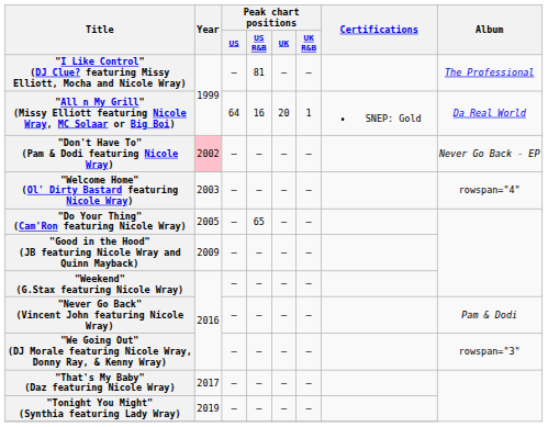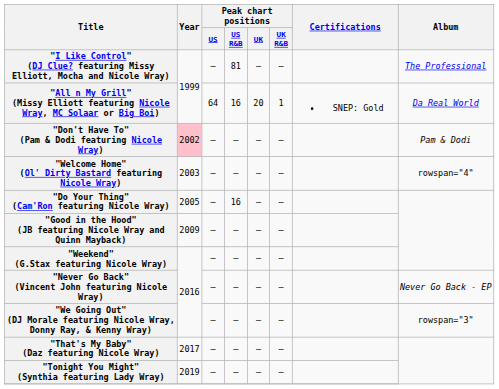 <table class="wikitable plainrowheaders" style="text-align:center;">
 <tr>
 <th scope="col" rowspan="2" style="width:20em;">Title</th>
 <th scope="col" rowspan="2">Year</th>
 <th scope="col" colspan="4">Peak chart positions</th>
 <th scope="col" rowspan="2" style="width:12em;"><a href='#'>Certifications</a></th>
 <th scope="col" rowspan="2">Album</th>
 </tr>
 <tr>
 <th style="width:2.5em; font-size:90%"><a href='#'>US</a><br></th>
 <th style="width:2.5em; font-size:90%"><a href='#'>US<br>R&B</a><br></th>
 <th style="width:2.5em; font-size:90%"><a href='#'>UK</a><br></th>
 <th style="width:2.5em; font-size:90%"><a href='#'>UK<br>R&B</a></th>
 </tr>
 <tr>
 <th scope="row">"<a href='#'>I Like Control</a>"<br><span>(<a href='#'>DJ Clue?</a> featuring Missy Elliott, Mocha and Nicole Wray)</span></th>
 <td rowspan="2">1999</td>
 <td>—</td>
 <td>81</td>
 <td>—</td>
 <td>—</td>
 <td></td>
 <td><em><a href='#'>The Professional</a></em></td>
 </tr>
 <tr>
 <th scope="row">"<a href='#'>All n My Grill</a>"<br><span>(Missy Elliott featuring <a href='#'>Nicole Wray</a>, <a href='#'>MC Solaar</a> or <a href='#'>Big Boi</a>)</span></th>
 <td>64</td>
 <td>16</td>
 <td>20</td>
 <td>1</td>
 <td><br><ul><li>SNEP: Gold</li></ul></td>
 <td><em><a href='#'>Da Real World</a></em></td>
 </tr>
 <tr>
 <th scope="row">"Don't Have To"<br><span>(Pam & Dodi featuring <a href='#'>Nicole Wray</a>)</span></th>
 <td rowspan="1" style="background: pink;">2002</td>
 <td>—</td>
 <td>—</td>
 <td>—</td>
 <td>—</td>
 <td></td>
-<td><em>Never Go Back - EP</em></td>
+<td><em>Pam & Dodi</em></td>
 </tr>
 <tr>
 <th scope="row">"Welcome Home"<br><span>(<a href='#'>Ol' Dirty Bastard</a> featuring <a href='#'>Nicole Wray</a>)</span></th>
 <td rowspan="1">2003</td>
 <td>—</td>
 <td>—</td>
 <td>—</td>
 <td>—</td>
 <td></td>
 <td>rowspan="4" </td>
 </tr>
 <tr>
 <th scope="row">"Do Your Thing"<br><span>(<a href='#'>Cam'Ron</a> featuring Nicole Wray)</span></th>
 <td rowspan="1">2005</td>
 <td>—</td>
-<td>65</td>
+<td>16</td>
 <td>—</td>
 <td>—</td>
 <td></td>
 </tr>
 <tr>
 <th scope="row">"Good in the Hood"<br><span>(JB featuring Nicole Wray and Quinn Mayback)</span></th>
 <td rowspan="1">2009</td>
 <td>—</td>
 <td>—</td>
 <td>—</td>
 <td>—</td>
 <td></td>
 </tr>
 <tr>
 <th scope="row">"Weekend"<br><span>(G.Stax featuring Nicole Wray)</span></th>
 <td rowspan="3">2016</td>
 <td>—</td>
 <td>—</td>
 <td>—</td>
 <td>—</td>
 <td></td>
 </tr>
 <tr>
 <th scope="row">"Never Go Back"<br><span>(Vincent John featuring Nicole Wray)</span></th>
 <td>—</td>
 <td>—</td>
 <td>—</td>
 <td>—</td>
 <td></td>
-<td><em>Pam & Dodi</em></td>
+<td><em>Never Go Back - EP</em></td>
 </tr>
 <tr>
 <th scope="row">"We Going Out"<br><span>(DJ Morale featuring Nicole Wray, Donny Ray, & Kenny Wray)</span></th>
 <td>—</td>
 <td>—</td>
 <td>—</td>
 <td>—</td>
 <td></td>
 <td>rowspan="3" </td>
 </tr>
 <tr>
 <th scope="row">"That's My Baby"<br><span>(Daz featuring Nicole Wray)</span></th>
 <td rowspan="1">2017</td>
 <td>—</td>
 <td>—</td>
 <td>—</td>
 <td>—</td>
 <td></td>
 </tr>
 <tr>
 <th scope="row">"Tonight You Might"<br><span>(Synthia featuring Lady Wray)</span></th>
 <td rowspan="1">2019</td>
 <td>—</td>
 <td>—</td>
 <td>—</td>
 <td>—</td>
 <td></td>
 </tr>
 <tr>
 </tr>
 </table>
